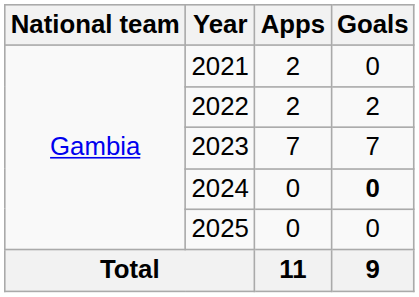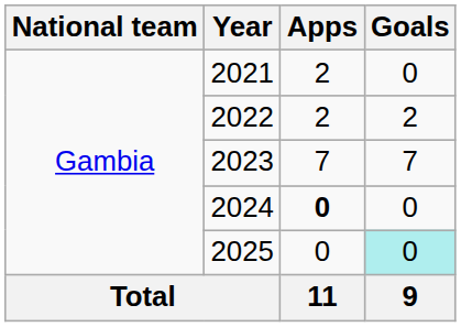 <table class="wikitable" style="text-align:center">
 <tr>
 <th>National team</th>
 <th>Year</th>
 <th>Apps</th>
 <th>Goals</th>
 </tr>
 <tr>
 <td rowspan="5"><a href='#'>Gambia</a></td>
 <td>2021</td>
 <td>2</td>
 <td>0</td>
 </tr>
 <tr>
 <td>2022</td>
 <td>2</td>
 <td>2</td>
 </tr>
 <tr>
 <td>2023</td>
 <td>7</td>
 <td>7</td>
 </tr>
 <tr>
 <td>2024</td>
+<td><strong>0</strong></td>
 <td>0</td>
-<td><strong>0</strong></td>
 </tr>
 <tr>
 <td>2025</td>
 <td>0</td>
-<td>0</td>
+<td style="background: paleturquoise;">0</td>
 </tr>
 <tr>
 <th colspan="2">Total</th>
 <th>11</th>
 <th>9</th>
 </tr>
 </table>
